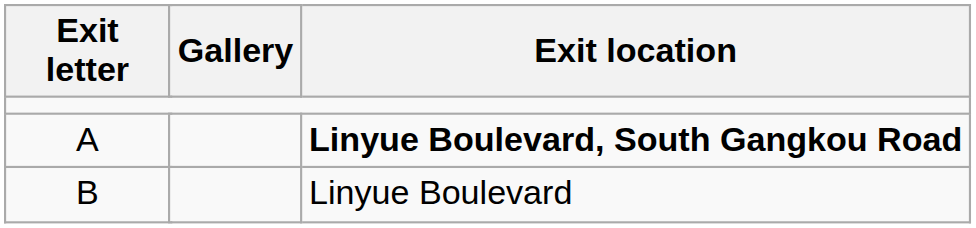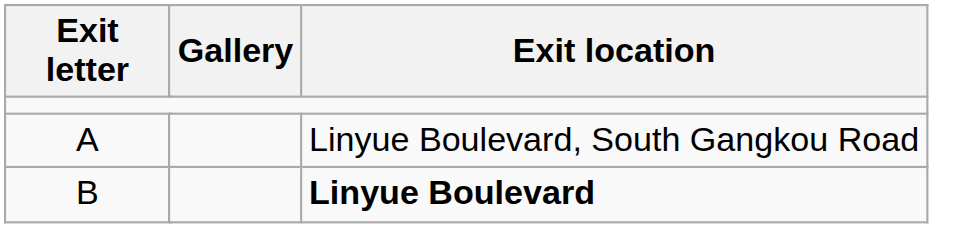 <table class="wikitable">
 <tr>
 <th colspan=2 style="width:70px">Exit letter</th>
 <th>Gallery</th>
 <th>Exit location</th>
 </tr>
 <tr style="background:#">
 <td colspan="4"></td>
 </tr>
 <tr>
 <td colspan=2 align=center>A</td>
 <td></td>
-<td><strong>Linyue Boulevard, South Gangkou Road</strong></td>
+<td>Linyue Boulevard, South Gangkou Road</td>
 </tr>
 <tr>
 <td colspan=2 align=center>B</td>
 <td></td>
-<td>Linyue Boulevard</td>
+<td><strong>Linyue Boulevard</strong></td>
 </tr>
 </table>
